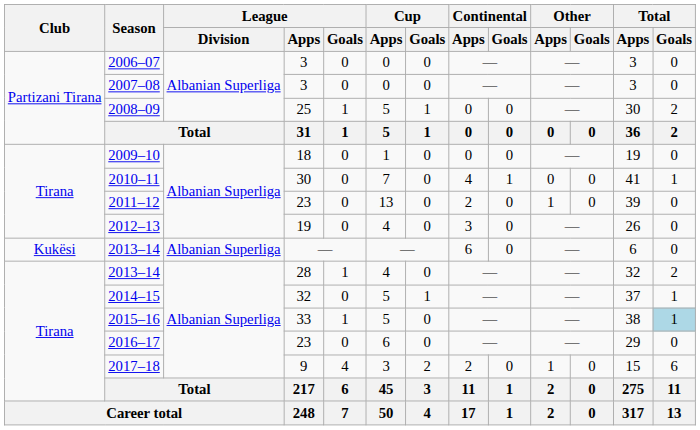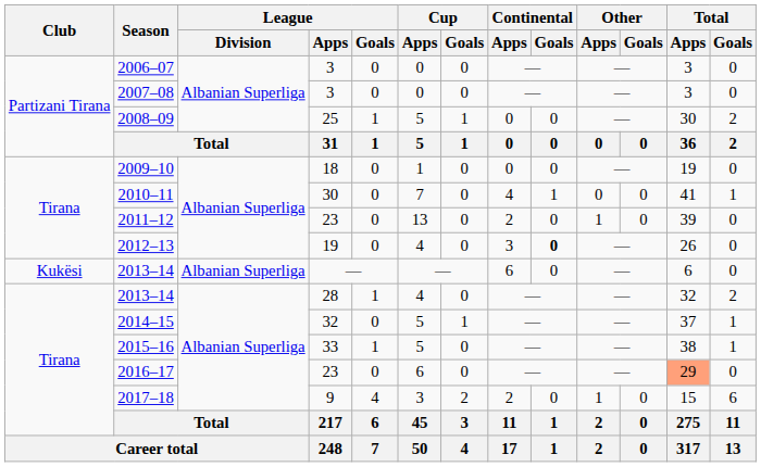 <table class="wikitable" style="text-align:center">
 <tr>
 <th rowspan="2">Club</th>
 <th rowspan="2">Season</th>
 <th colspan="3">League</th>
 <th colspan="2">Cup</th>
 <th colspan="2">Continental</th>
 <th colspan="2">Other</th>
 <th colspan="2">Total</th>
 </tr>
 <tr>
 <th>Division</th>
 <th>Apps</th>
 <th>Goals</th>
 <th>Apps</th>
 <th>Goals</th>
 <th>Apps</th>
 <th>Goals</th>
 <th>Apps</th>
 <th>Goals</th>
 <th>Apps</th>
 <th>Goals</th>
 </tr>
 <tr>
 <td rowspan="4"><a href='#'>Partizani Tirana</a></td>
 <td><a href='#'>2006–07</a></td>
 <td rowspan="3"><a href='#'>Albanian Superliga</a></td>
 <td>3</td>
 <td>0</td>
 <td>0</td>
 <td>0</td>
 <td colspan="2">—</td>
 <td colspan="2">—</td>
 <td>3</td>
 <td>0</td>
 </tr>
 <tr>
 <td><a href='#'>2007–08</a></td>
 <td>3</td>
 <td>0</td>
 <td>0</td>
 <td>0</td>
 <td colspan="2">—</td>
 <td colspan="2">—</td>
 <td>3</td>
 <td>0</td>
 </tr>
 <tr>
 <td><a href='#'>2008–09</a></td>
 <td>25</td>
 <td>1</td>
 <td>5</td>
 <td>1</td>
 <td>0</td>
 <td>0</td>
 <td colspan="2">—</td>
 <td>30</td>
 <td>2</td>
 </tr>
 <tr>
 <th colspan="2">Total</th>
 <th>31</th>
 <th>1</th>
 <th>5</th>
 <th>1</th>
 <th>0</th>
 <th>0</th>
 <th>0</th>
 <th>0</th>
 <th>36</th>
 <th>2</th>
 </tr>
 <tr>
 <td rowspan="4"><a href='#'>Tirana</a></td>
 <td><a href='#'>2009–10</a></td>
 <td rowspan="4"><a href='#'>Albanian Superliga</a></td>
 <td>18</td>
 <td>0</td>
 <td>1</td>
 <td>0</td>
 <td>0</td>
 <td>0</td>
 <td colspan="2">—</td>
 <td>19</td>
 <td>0</td>
 </tr>
 <tr>
 <td><a href='#'>2010–11</a></td>
 <td>30</td>
 <td>0</td>
 <td>7</td>
 <td>0</td>
 <td>4</td>
 <td>1</td>
 <td>0</td>
 <td>0</td>
 <td>41</td>
 <td>1</td>
 </tr>
 <tr>
 <td><a href='#'>2011–12</a></td>
 <td>23</td>
 <td>0</td>
 <td>13</td>
 <td>0</td>
 <td>2</td>
 <td>0</td>
 <td>1</td>
 <td>0</td>
 <td>39</td>
 <td>0</td>
 </tr>
 <tr>
 <td><a href='#'>2012–13</a></td>
 <td>19</td>
 <td>0</td>
 <td>4</td>
 <td>0</td>
 <td>3</td>
-<td>0</td>
+<td><strong>0</strong></td>
 <td colspan="2">—</td>
 <td>26</td>
 <td>0</td>
 </tr>
 <tr>
 <td rowspan="1"><a href='#'>Kukësi</a></td>
 <td><a href='#'>2013–14</a></td>
 <td rowspan="1"><a href='#'>Albanian Superliga</a></td>
 <td colspan="2">—</td>
 <td colspan="2">—</td>
 <td>6</td>
 <td>0</td>
 <td colspan="2">—</td>
 <td>6</td>
 <td>0</td>
 </tr>
 <tr>
 <td rowspan="6"><a href='#'>Tirana</a></td>
 <td><a href='#'>2013–14</a></td>
 <td rowspan="5"><a href='#'>Albanian Superliga</a></td>
 <td>28</td>
 <td>1</td>
 <td>4</td>
 <td>0</td>
 <td colspan="2">—</td>
 <td colspan="2">—</td>
 <td>32</td>
 <td>2</td>
 </tr>
 <tr>
 <td><a href='#'>2014–15</a></td>
 <td>32</td>
 <td>0</td>
 <td>5</td>
 <td>1</td>
 <td colspan="2">—</td>
 <td colspan="2">—</td>
 <td>37</td>
 <td>1</td>
 </tr>
 <tr>
 <td><a href='#'>2015–16</a></td>
 <td>33</td>
 <td>1</td>
 <td>5</td>
 <td>0</td>
 <td colspan="2">—</td>
 <td colspan="2">—</td>
 <td>38</td>
-<td style="background: lightblue;">1</td>
+<td>1</td>
 </tr>
 <tr>
 <td><a href='#'>2016–17</a></td>
 <td>23</td>
 <td>0</td>
 <td>6</td>
 <td>0</td>
 <td colspan="2">—</td>
 <td colspan="2">—</td>
-<td>29</td>
+<td style="background: lightsalmon;">29</td>
 <td>0</td>
 </tr>
 <tr>
 <td><a href='#'>2017–18</a></td>
 <td>9</td>
 <td>4</td>
 <td>3</td>
 <td>2</td>
 <td>2</td>
 <td>0</td>
 <td>1</td>
 <td>0</td>
 <td>15</td>
 <td>6</td>
 </tr>
 <tr>
 <th colspan="2">Total</th>
 <th>217</th>
 <th>6</th>
 <th>45</th>
 <th>3</th>
 <th>11</th>
 <th>1</th>
 <th>2</th>
 <th>0</th>
 <th>275</th>
 <th>11</th>
 </tr>
 <tr>
 <th colspan="3">Career total</th>
 <th>248</th>
 <th>7</th>
 <th>50</th>
 <th>4</th>
 <th>17</th>
 <th>1</th>
 <th>2</th>
 <th>0</th>
 <th>317</th>
 <th>13</th>
 </tr>
 </table>
